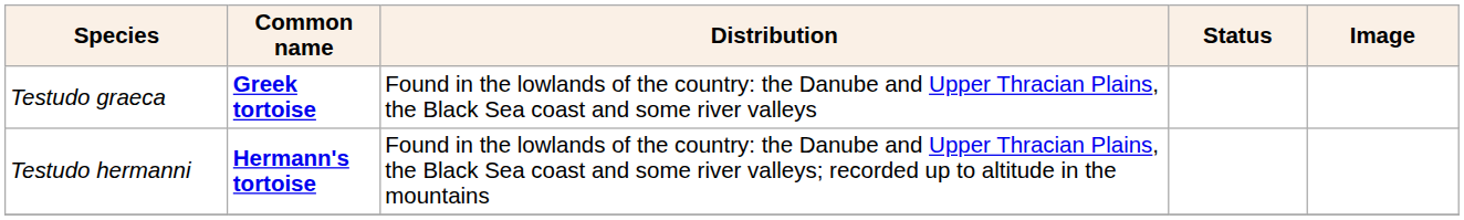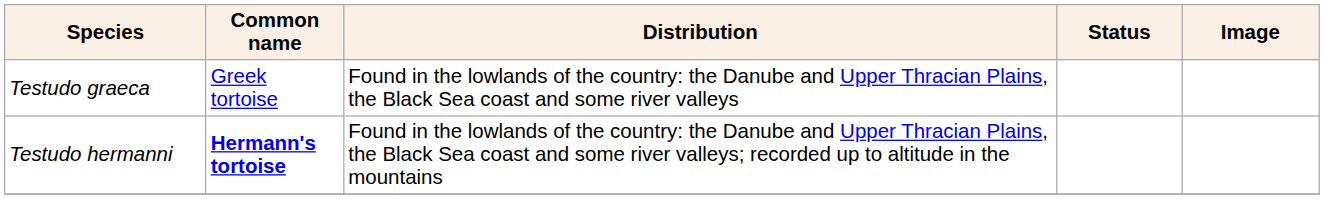 <table class="sortable wikitable plainrowheaders" border="0" style="background:#ffffff" align="top" class="sortable wikitable">
 <tr ->
 <th scope="col" style="background-color:Linen; color:Black" width=150 px>Species</th>
 <th scope="col" style="background-color:Linen; color:Black" width=100 px>Common name</th>
 <th scope="col" style="background:Linen; color:Black" width=550 px>Distribution</th>
 <th scope="col" style="background-color:Linen; color:Black" width=90 px>Status</th>
 <th scope="col" style="background:Linen; color:Black" width=100 px>Image</th>
 </tr>
 <tr>
 <td !scope="row" style="background:#ffffff"><em>Testudo graeca</em></td>
-<td><strong><a href='#'>Greek tortoise</a></strong></td>
+<td><a href='#'>Greek tortoise</a></td>
 <td>Found in the lowlands of the country: the Danube and <a href='#'>Upper Thracian Plains</a>, the Black Sea coast and some river valleys</td>
 <td></td>
 <td></td>
 </tr>
 <tr>
 <td !scope="row" style="background:#ffffff"><em>Testudo hermanni</em></td>
 <td><strong><a href='#'>Hermann's tortoise</a></strong></td>
 <td>Found in the lowlands of the country: the Danube and <a href='#'>Upper Thracian Plains</a>, the Black Sea coast and some river valleys; recorded up to  altitude in the mountains</td>
 <td></td>
 <td></td>
 </tr>
 <tr>
 </tr>
 </table>
